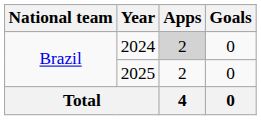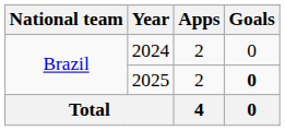 <table class="wikitable" style="text-align:center">
 <tr>
 <th>National team</th>
 <th>Year</th>
 <th>Apps</th>
 <th>Goals</th>
 </tr>
 <tr>
 <td rowspan="2"><a href='#'>Brazil</a></td>
 <td>2024</td>
-<td style="background: lightgrey;">2</td>
+<td>2</td>
 <td>0</td>
 </tr>
 <tr>
 <td>2025</td>
 <td>2</td>
-<td>0</td>
+<td><strong>0</strong></td>
 </tr>
 <tr>
 <th colspan="2">Total</th>
 <th>4</th>
 <th>0</th>
 </tr>
 </table>
